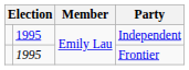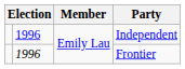 <table class="wikitable">
 <tr>
 <th colspan="2">Election</th>
 <th>Member</th>
 <th>Party</th>
 </tr>
 <tr>
 <td style="background-color: "></td>
-<td><a href='#'>1995</a></td>
+<td><a href='#'>1996</a></td>
 <td rowspan="2"><a href='#'>Emily Lau</a></td>
 <td><a href='#'>Independent</a></td>
 </tr>
 <tr>
 <td style="background-color: "></td>
-<td><em>1995</em></td>
+<td><em>1996</em></td>
 <td><a href='#'>Frontier</a></td>
 </tr>
 </table>
